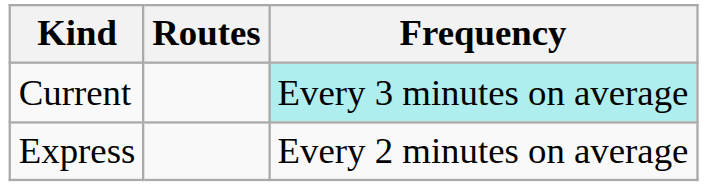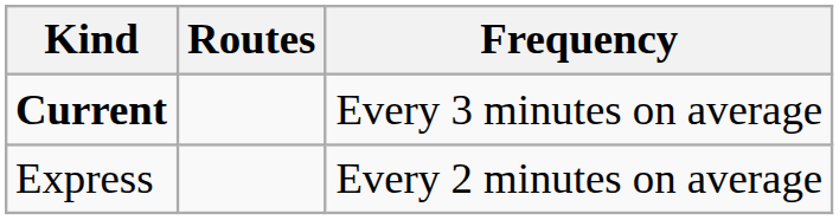 <table class="wikitable" style="margin:1em auto;">
 <tr>
 <th>Kind</th>
 <th>Routes</th>
 <th>Frequency</th>
 </tr>
 <tr>
-<td>Current</td>
+<td><strong>Current</strong></td>
 <td></td>
-<td style="background: paleturquoise;">Every 3 minutes on average</td>
+<td>Every 3 minutes on average</td>
 </tr>
 <tr>
 <td>Express</td>
 <td></td>
 <td>Every 2 minutes on average</td>
 </tr>
 </table>
